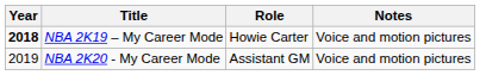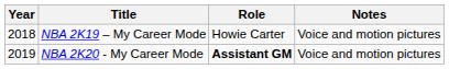 <table class="wikitable sortable">
 <tr>
 <th>Year</th>
 <th>Title</th>
 <th>Role</th>
 <th class="unsortable">Notes</th>
 </tr>
 <tr>
-<td><strong>2018</strong></td>
+<td>2018</td>
 <td><em><a href='#'>NBA 2K19</a></em> – My Career Mode</td>
 <td>Howie Carter</td>
 <td>Voice and motion pictures</td>
 </tr>
 <tr>
 <td>2019</td>
 <td><em><a href='#'>NBA 2K20</a></em> - My Career Mode</td>
-<td>Assistant GM</td>
+<td><strong>Assistant GM</strong></td>
 <td>Voice and motion pictures</td>
 </tr>
 </table>
